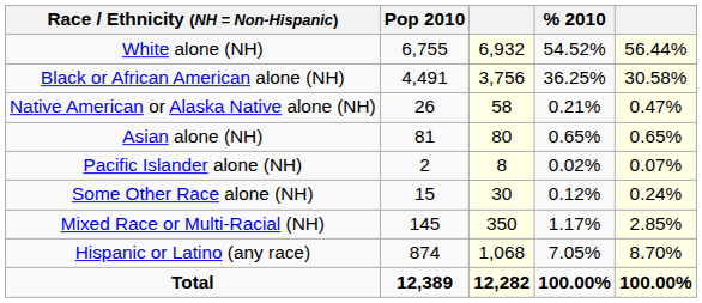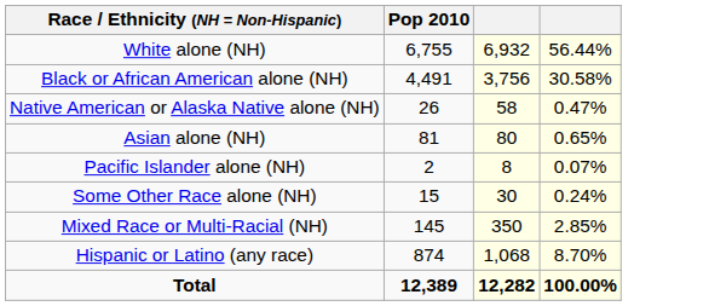 <table class="wikitable" style="text-align:center;">
 <tr>
 <th>Race / Ethnicity <small>(<em>NH = Non-Hispanic</em>)</small></th>
 <th>Pop 2010</th>
 <th></th>
-<th>% 2010</th>
 <th></th>
 </tr>
 <tr>
 <td><a href='#'>White</a> alone (NH)</td>
 <td>6,755</td>
 <td style='background: #ffffe6;'>6,932</td>
-<td>54.52%</td>
 <td style='background: #ffffe6;'>56.44%</td>
 </tr>
 <tr>
 <td><a href='#'>Black or African American</a> alone (NH)</td>
 <td>4,491</td>
 <td style='background: #ffffe6;'>3,756</td>
-<td>36.25%</td>
 <td style='background: #ffffe6;'>30.58%</td>
 </tr>
 <tr>
 <td><a href='#'>Native American</a> or <a href='#'>Alaska Native</a> alone (NH)</td>
 <td>26</td>
 <td style='background: #ffffe6;'>58</td>
-<td>0.21%</td>
 <td style='background: #ffffe6;'>0.47%</td>
 </tr>
 <tr>
 <td><a href='#'>Asian</a> alone (NH)</td>
 <td>81</td>
 <td style='background: #ffffe6;'>80</td>
-<td>0.65%</td>
 <td style='background: #ffffe6;'>0.65%</td>
 </tr>
 <tr>
 <td><a href='#'>Pacific Islander</a> alone (NH)</td>
 <td>2</td>
 <td style='background: #ffffe6;'>8</td>
-<td>0.02%</td>
 <td style='background: #ffffe6;'>0.07%</td>
 </tr>
 <tr>
 <td><a href='#'>Some Other Race</a> alone (NH)</td>
 <td>15</td>
 <td style='background: #ffffe6;'>30</td>
-<td>0.12%</td>
 <td style='background: #ffffe6;'>0.24%</td>
 </tr>
 <tr>
 <td><a href='#'>Mixed Race or Multi-Racial</a> (NH)</td>
 <td>145</td>
 <td style='background: #ffffe6;'>350</td>
-<td>1.17%</td>
 <td style='background: #ffffe6;'>2.85%</td>
 </tr>
 <tr>
 <td><a href='#'>Hispanic or Latino</a> (any race)</td>
 <td>874</td>
 <td style='background: #ffffe6;'>1,068</td>
-<td>7.05%</td>
 <td style='background: #ffffe6;'>8.70%</td>
 </tr>
 <tr>
 <td><strong>Total</strong></td>
 <td><strong>12,389</strong></td>
 <td style='background: #ffffe6;'><strong>12,282</strong></td>
-<td><strong>100.00%</strong></td>
 <td style='background: #ffffe6;'><strong>100.00%</strong></td>
 </tr>
 </table>
